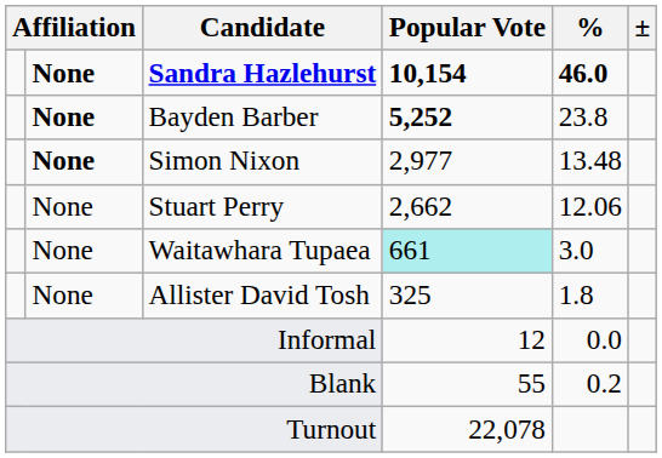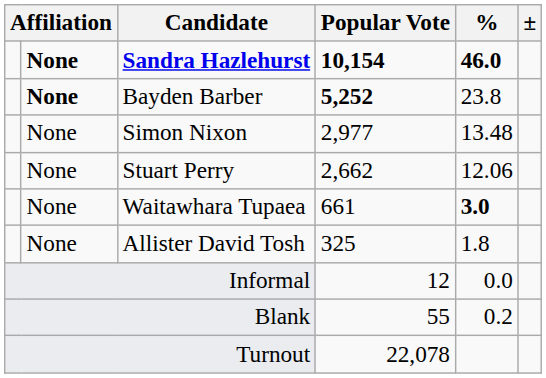 <table class="wikitable col4right col5right">
 <tr>
 <th colspan="2">Affiliation</th>
 <th>Candidate</th>
 <th>Popular Vote</th>
 <th>%</th>
 <th>±</th>
 </tr>
 <tr>
 <td></td>
 <td><strong>None</strong></td>
 <td><strong><a href='#'>Sandra Hazlehurst</a></strong></td>
 <td><strong>10,154</strong></td>
 <td><strong>46.0</strong></td>
 <td></td>
 </tr>
 <tr>
 <td></td>
 <td><strong>None</strong></td>
 <td>Bayden Barber</td>
 <td><strong>5,252</strong></td>
 <td>23.8</td>
 <td></td>
 </tr>
 <tr>
 <td></td>
-<td><strong>None</strong></td>
+<td>None</td>
 <td>Simon Nixon</td>
 <td>2,977</td>
 <td>13.48</td>
 <td></td>
 </tr>
 <tr>
 <td></td>
 <td>None</td>
 <td>Stuart Perry</td>
 <td>2,662</td>
 <td>12.06</td>
 <td></td>
 </tr>
 <tr>
 <td></td>
 <td>None</td>
 <td>Waitawhara Tupaea</td>
-<td style="background: paleturquoise;">661</td>
-<td>3.0</td>
+<td>661</td>
+<td><strong>3.0</strong></td>
 <td></td>
 </tr>
 <tr>
 <td></td>
 <td>None</td>
 <td>Allister David Tosh</td>
 <td>325</td>
 <td>1.8</td>
 </tr>
 <tr>
 <td colspan="3" style="text-align:right;background-color:#eaecf0">Informal</td>
 <td style="text-align:right">12</td>
 <td style="text-align:right">0.0</td>
 <td></td>
 </tr>
 <tr>
 <td colspan="3" style="text-align:right;background-color:#eaecf0">Blank</td>
 <td style="text-align:right">55</td>
 <td style="text-align:right">0.2</td>
 <td></td>
 </tr>
 <tr>
 <td colspan="3" style="text-align:right;background-color:#eaecf0">Turnout</td>
 <td style="text-align:right">22,078</td>
 <td></td>
 <td></td>
 </tr>
 </table>
